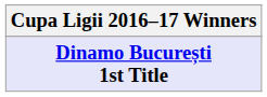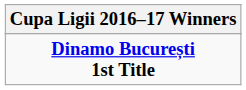 <table class="wikitable" style="text-align: center; margin: 0 auto;">
 <tr>
 <th>Cupa Ligii 2016–17 Winners</th>
 </tr>
 <tr>
 </tr>
 <tr>
-<td style="background: lavender;"><strong><a href='#'>Dinamo București</a></strong><br><strong>1st Title</strong></td>
+<td><strong><a href='#'>Dinamo București</a></strong><br><strong>1st Title</strong></td>
 </tr>
 </table>
